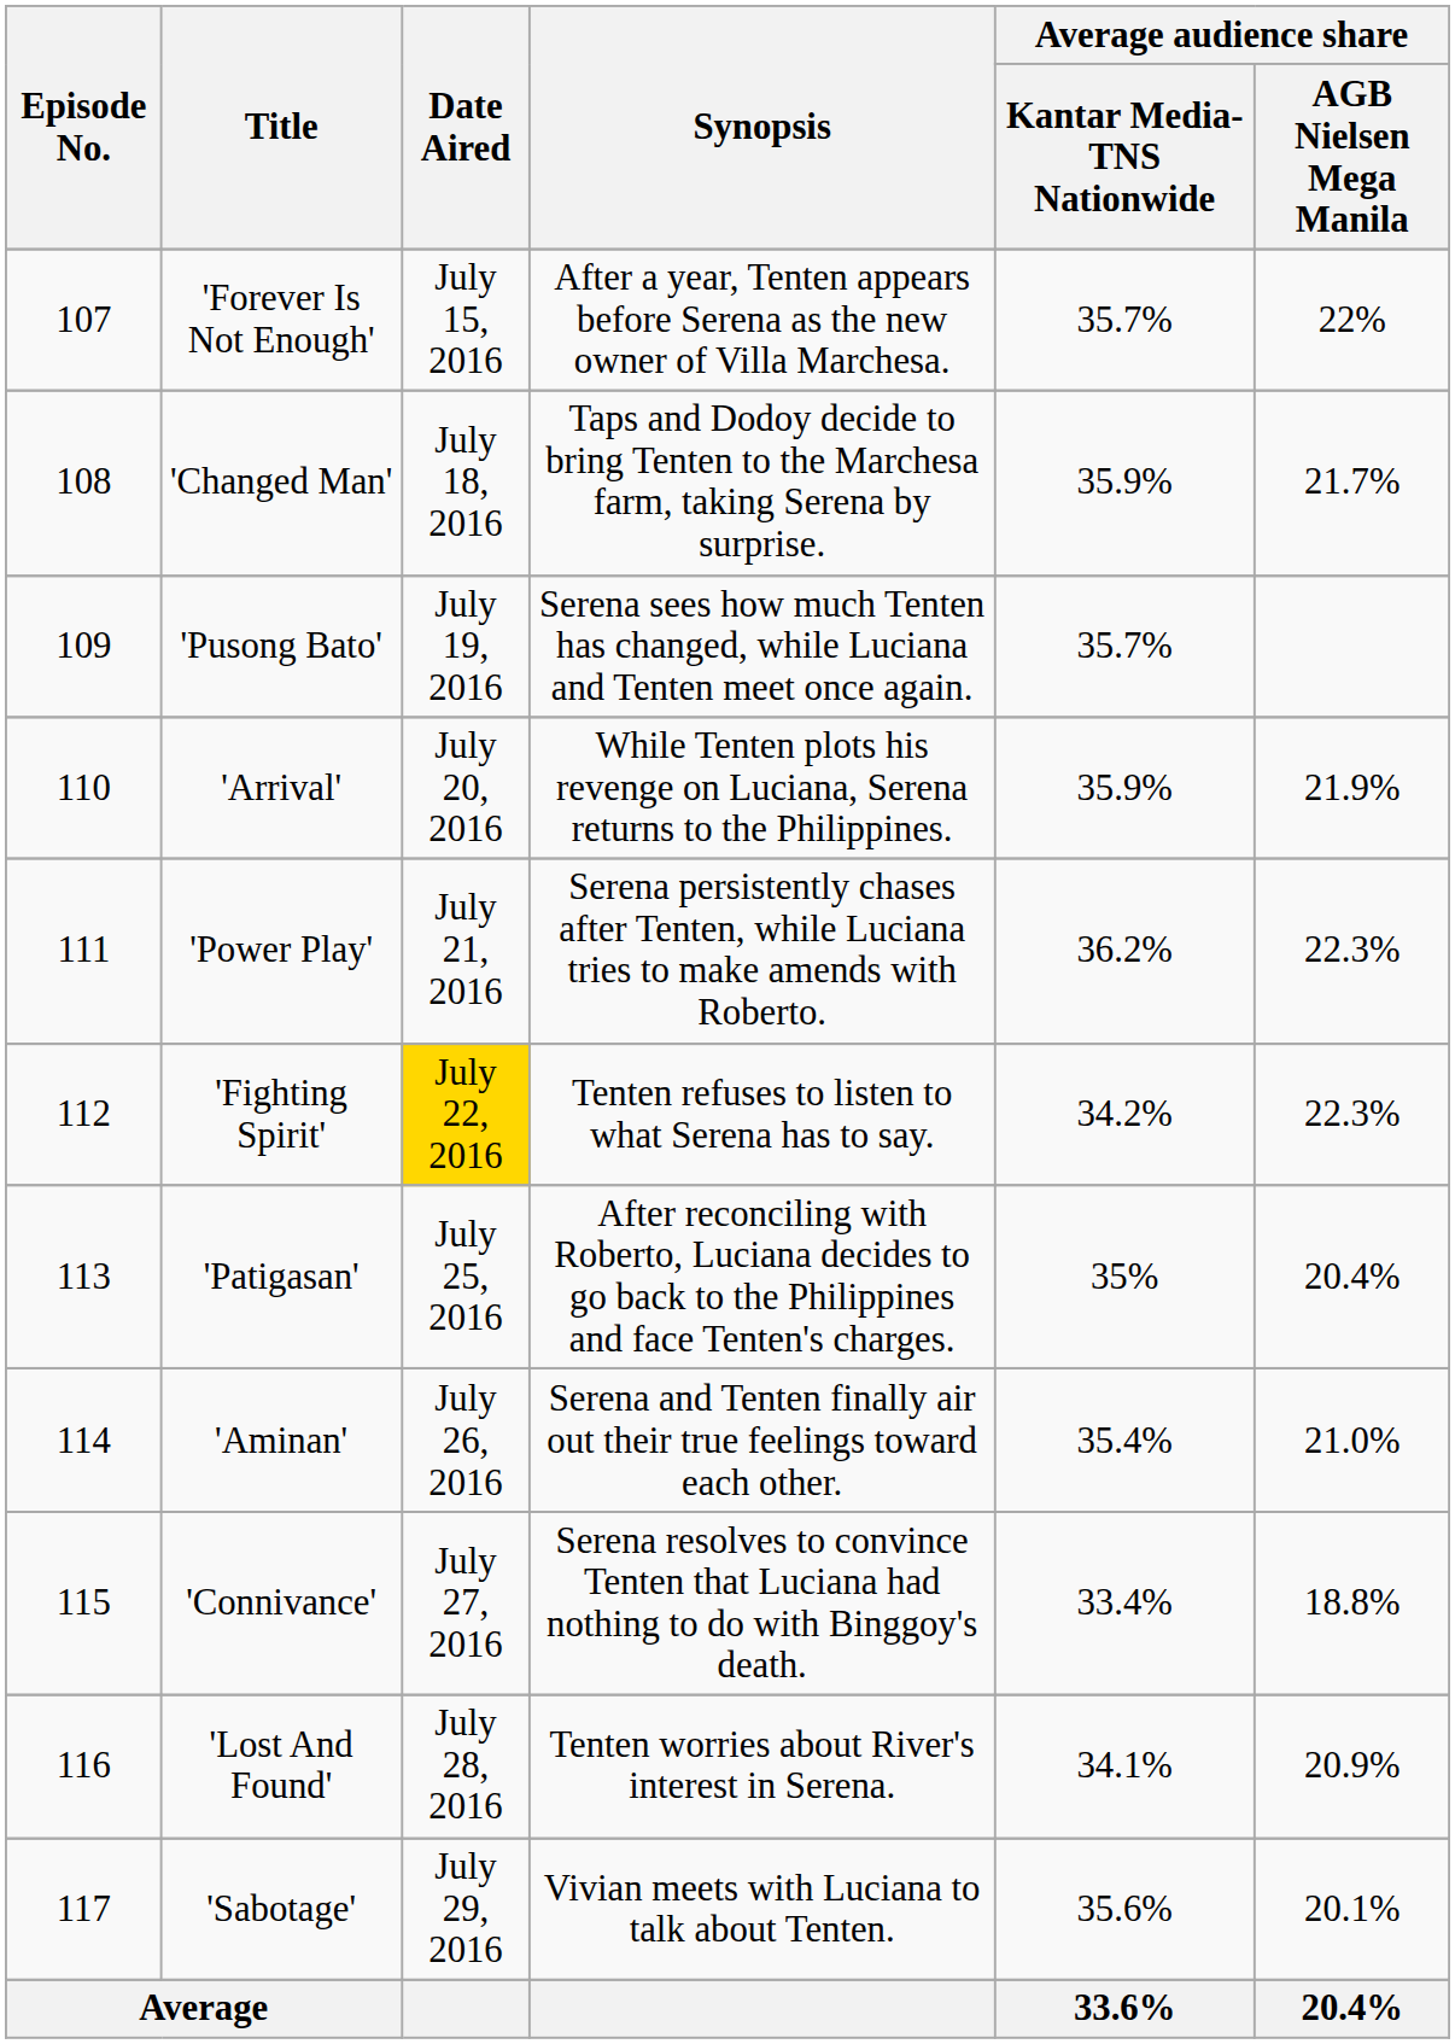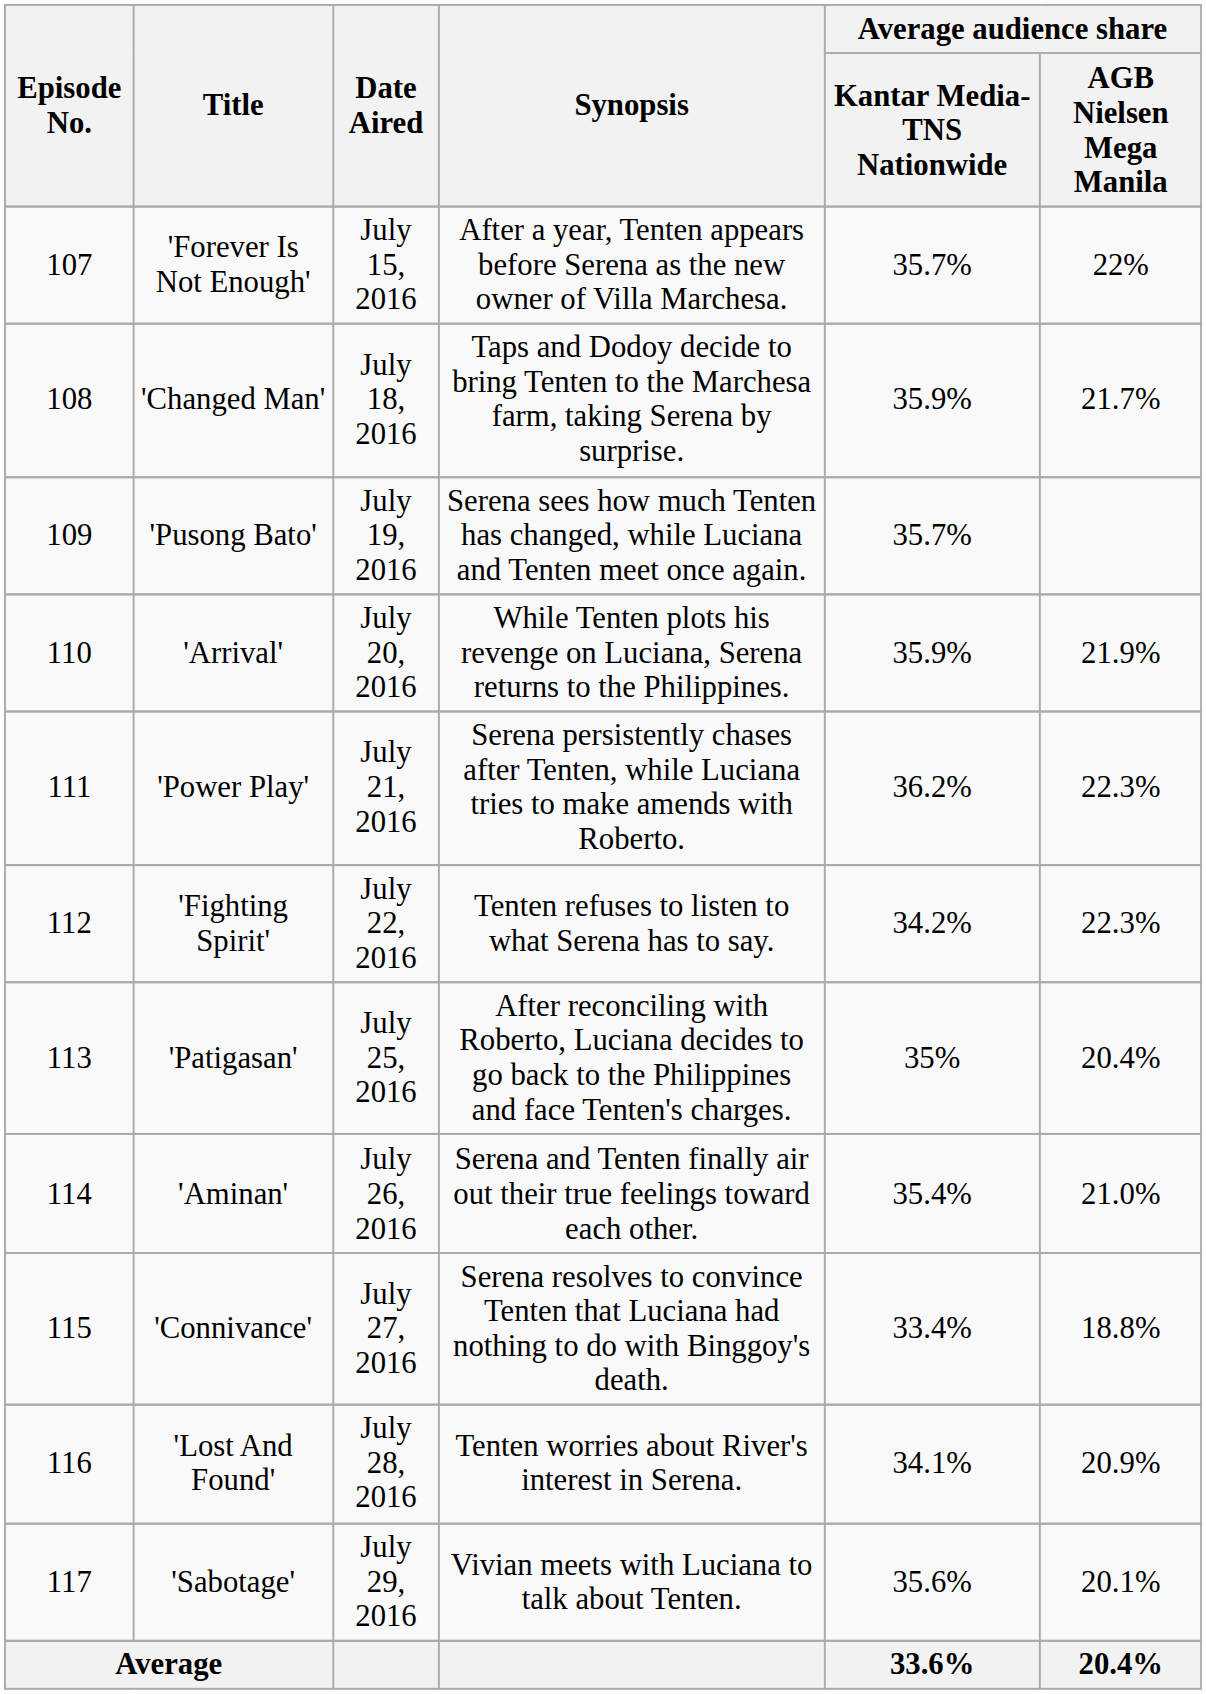 <table class="wikitable" style="text-align:center; font-size:100%; line-height:18px;"  width="100%">
 <tr>
 <th rowspan="2">Episode No.</th>
 <th rowspan="2">Title</th>
 <th rowspan="2">Date Aired</th>
 <th rowspan="2">Synopsis</th>
 <th colspan="2">Average audience share</th>
 </tr>
 <tr>
 <th>Kantar Media-TNS Nationwide</th>
 <th>AGB Nielsen Mega Manila</th>
 </tr>
 <tr>
 </tr>
 <tr>
 <td>107</td>
 <td>'Forever Is Not Enough'</td>
 <td>July 15, 2016</td>
 <td>After a year, Tenten appears before Serena as the new owner of Villa Marchesa.</td>
 <td>35.7%</td>
 <td>22%</td>
 </tr>
 <tr>
 </tr>
 <tr>
 <td>108</td>
 <td>'Changed Man'</td>
 <td>July 18, 2016</td>
 <td>Taps and Dodoy decide to bring Tenten to the Marchesa farm, taking Serena by surprise.</td>
 <td>35.9%</td>
 <td>21.7%</td>
 </tr>
 <tr>
 </tr>
 <tr>
 <td>109</td>
 <td>'Pusong Bato'</td>
 <td>July 19, 2016</td>
 <td>Serena sees how much Tenten has changed, while Luciana and Tenten meet once again.</td>
 <td>35.7%</td>
 <td></td>
 </tr>
 <tr>
 </tr>
 <tr>
 <td>110</td>
 <td>'Arrival'</td>
 <td>July 20, 2016</td>
 <td>While Tenten plots his revenge on Luciana, Serena returns to the Philippines.</td>
 <td>35.9%</td>
 <td>21.9%</td>
 </tr>
 <tr>
 </tr>
 <tr>
 <td>111</td>
 <td>'Power Play'</td>
 <td>July 21, 2016</td>
 <td>Serena persistently chases after Tenten, while Luciana tries to make amends with Roberto.</td>
 <td>36.2%</td>
 <td>22.3%</td>
 </tr>
 <tr>
 </tr>
 <tr>
 <td>112</td>
 <td>'Fighting Spirit'</td>
-<td style="background: gold;">July 22, 2016</td>
+<td>July 22, 2016</td>
 <td>Tenten refuses to listen to what Serena has to say.</td>
 <td>34.2%</td>
 <td>22.3%</td>
 </tr>
 <tr>
 </tr>
 <tr>
 <td>113</td>
 <td>'Patigasan'</td>
 <td>July 25, 2016</td>
 <td>After reconciling with Roberto, Luciana decides to go back to the Philippines and face Tenten's charges.</td>
 <td>35%</td>
 <td>20.4%</td>
 </tr>
 <tr>
 </tr>
 <tr>
 <td>114</td>
 <td>'Aminan'</td>
 <td>July 26, 2016</td>
 <td>Serena and Tenten finally air out their true feelings toward each other.</td>
 <td>35.4%</td>
 <td>21.0%</td>
 </tr>
 <tr>
 </tr>
 <tr>
 <td>115</td>
 <td>'Connivance'</td>
 <td>July 27, 2016</td>
 <td>Serena resolves to convince Tenten that Luciana had nothing to do with Binggoy's death.</td>
 <td>33.4%</td>
 <td>18.8%</td>
 </tr>
 <tr>
 </tr>
 <tr>
 <td>116</td>
 <td>'Lost And Found'</td>
 <td>July 28, 2016</td>
 <td>Tenten worries about River's interest in Serena.</td>
 <td>34.1%</td>
 <td>20.9%</td>
 </tr>
 <tr>
 </tr>
 <tr>
 <td>117</td>
 <td>'Sabotage'</td>
 <td>July 29, 2016</td>
 <td>Vivian meets with Luciana to talk about Tenten.</td>
 <td>35.6%</td>
 <td>20.1%</td>
 </tr>
 <tr>
 </tr>
 <tr>
 <th colspan=2>Average</th>
 <th></th>
 <th></th>
 <th>33.6%</th>
 <th>20.4%</th>
 </tr>
 </table>
